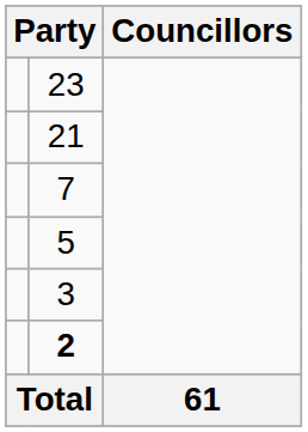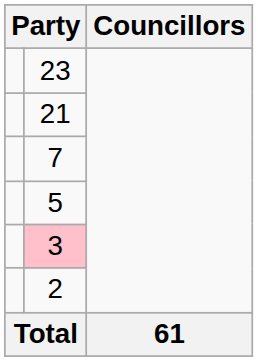 <table class="wikitable">
 <tr>
 <th colspan=2>Party</th>
 <th>Councillors</th>
 </tr>
 <tr>
 <td></td>
 <td align=center>23</td>
 </tr>
 <tr>
 <td></td>
 <td align=center>21</td>
 </tr>
 <tr>
 <td></td>
 <td align=center>7</td>
 </tr>
 <tr>
 <td></td>
 <td align=center>5</td>
 </tr>
 <tr>
 <td></td>
-<td align=center>3</td>
+<td align=center style="background: pink;">3</td>
 </tr>
 <tr>
 <td></td>
-<td align=center><strong>2</strong></td>
+<td align=center>2</td>
 </tr>
 <tr>
 <th colspan=2>Total</th>
 <th align=center>61</th>
 </tr>
 </table>
